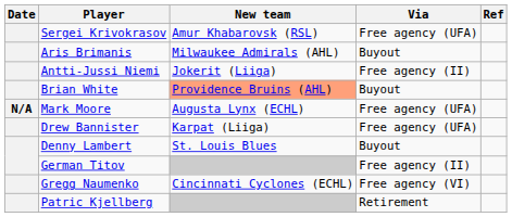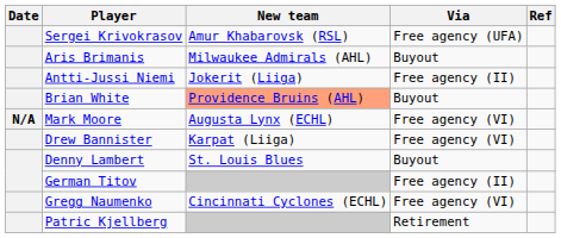 <table class="wikitable plainrowheaders">
 <tr style="background:#ddd; text-align:center;">
 <th>Date</th>
 <th>Player</th>
 <th>New team</th>
 <th>Via</th>
 <th>Ref</th>
 </tr>
 <tr>
 <th scope="row"></th>
 <td><a href='#'>Sergei Krivokrasov</a></td>
 <td><a href='#'>Amur Khabarovsk</a> (<a href='#'>RSL</a>)</td>
 <td>Free agency (UFA)</td>
 <td></td>
 </tr>
 <tr>
 <th scope="row"></th>
 <td><a href='#'>Aris Brimanis</a></td>
 <td><a href='#'>Milwaukee Admirals</a> (AHL)</td>
 <td>Buyout</td>
 <td></td>
 </tr>
 <tr>
 <th scope="row"></th>
 <td><a href='#'>Antti-Jussi Niemi</a></td>
 <td><a href='#'>Jokerit</a> (<a href='#'>Liiga</a>)</td>
 <td>Free agency (II)</td>
 <td></td>
 </tr>
 <tr>
 <th scope="row"></th>
 <td><a href='#'>Brian White</a></td>
 <td style="background: lightsalmon;"><a href='#'>Providence Bruins</a> (<a href='#'>AHL</a>)</td>
 <td>Buyout</td>
 <td></td>
 </tr>
 <tr>
 <th scope="row">N/A</th>
 <td><a href='#'>Mark Moore</a></td>
 <td><a href='#'>Augusta Lynx</a> (<a href='#'>ECHL</a>)</td>
-<td>Free agency (UFA)</td>
+<td>Free agency (VI)</td>
 <td></td>
 </tr>
 <tr>
 <th scope="row"></th>
 <td><a href='#'>Drew Bannister</a></td>
 <td><a href='#'>Karpat</a> (Liiga)</td>
-<td>Free agency (UFA)</td>
+<td>Free agency (VI)</td>
 <td></td>
 </tr>
 <tr>
 <th scope="row" rowspan=2></th>
 <td><a href='#'>Denny Lambert</a></td>
 <td><a href='#'>St. Louis Blues</a></td>
 <td>Buyout</td>
 <td></td>
 </tr>
 <tr>
 <td><a href='#'>German Titov</a></td>
 <td style="background:#ccc"></td>
 <td>Free agency (II)</td>
 <td></td>
 </tr>
 <tr>
 <th scope="row"></th>
 <td><a href='#'>Gregg Naumenko</a></td>
 <td><a href='#'>Cincinnati Cyclones</a> (ECHL)</td>
 <td>Free agency (VI)</td>
 <td></td>
 </tr>
 <tr>
 <th scope="row"></th>
 <td><a href='#'>Patric Kjellberg</a></td>
 <td style="background:#ccc"></td>
 <td>Retirement</td>
 <td></td>
 </tr>
 </table>
